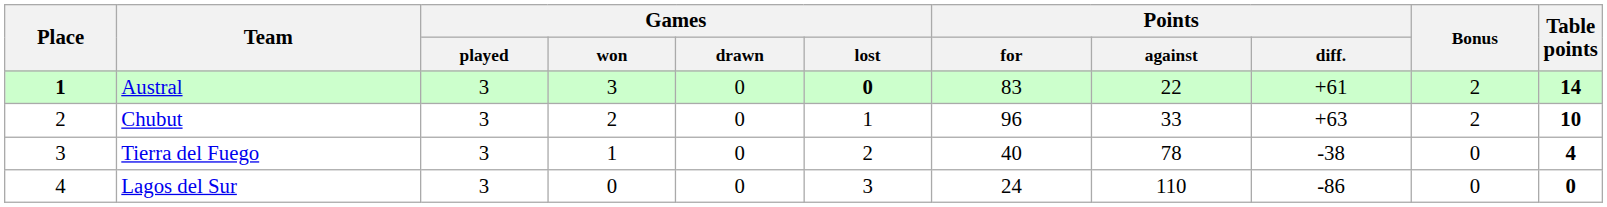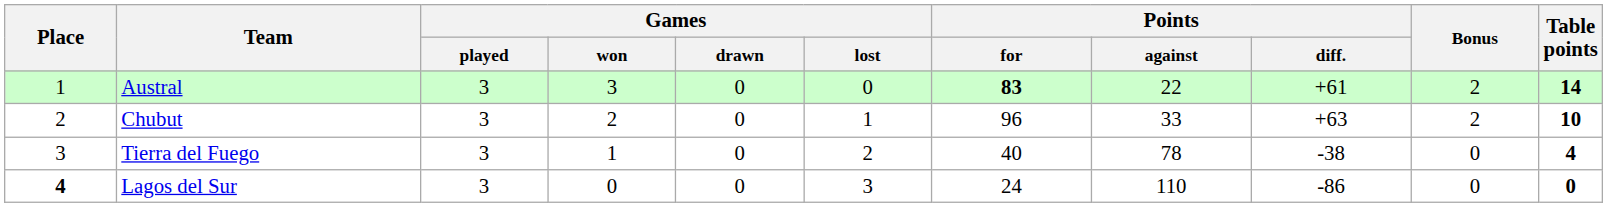 <table class="wikitable">
 <tr>
 <th rowspan=2 width="7%">Place</th>
 <th rowspan=2 width="19%">Team</th>
 <th colspan=4 width="30%">Games</th>
 <th colspan=3 width="26%">Points</th>
 <th rowspan=2 width="8%"><small> Bonus </small></th>
 <th rowspan=2 width="10%">Table<br>points</th>
 </tr>
 <tr>
 <th width="8%"><small>played </small></th>
 <th width="8%"><small>won </small></th>
 <th width="8%"><small>drawn </small></th>
 <th width="8%"><small>lost </small></th>
 <th width="10%"><small>for </small></th>
 <th width="10%"><small>against </small></th>
 <th width="10%"><small>diff.</small></th>
 </tr>
 <tr align=center style="background: #ccffcc;">
-<td><strong>1</strong></td>
+<td>1</td>
 <td align=left><a href='#'>Austral</a></td>
 <td>3</td>
 <td>3</td>
 <td>0</td>
-<td><strong>0</strong></td>
-<td>83</td>
+<td>0</td>
+<td><strong>83</strong></td>
 <td>22</td>
 <td>+61</td>
 <td>2</td>
 <td><strong>14</strong></td>
 </tr>
 <tr align=center style="background: #ffffff;">
 <td>2</td>
 <td align=left><a href='#'>Chubut</a></td>
 <td>3</td>
 <td>2</td>
 <td>0</td>
 <td>1</td>
 <td>96</td>
 <td>33</td>
 <td>+63</td>
 <td>2</td>
 <td><strong>10</strong></td>
 </tr>
 <tr align=center style="background: #ffffff;">
 <td>3</td>
 <td align=left><a href='#'>Tierra del Fuego</a></td>
 <td>3</td>
 <td>1</td>
 <td>0</td>
 <td>2</td>
 <td>40</td>
 <td>78</td>
 <td>-38</td>
 <td>0</td>
 <td><strong>4</strong></td>
 </tr>
 <tr align=center style="background: #ffffff;">
-<td>4</td>
+<td><strong>4</strong></td>
 <td align=left><a href='#'>Lagos del Sur</a></td>
 <td>3</td>
 <td>0</td>
 <td>0</td>
 <td>3</td>
 <td>24</td>
 <td>110</td>
 <td>-86</td>
 <td>0</td>
 <td><strong>0</strong></td>
 </tr>
 </table>
